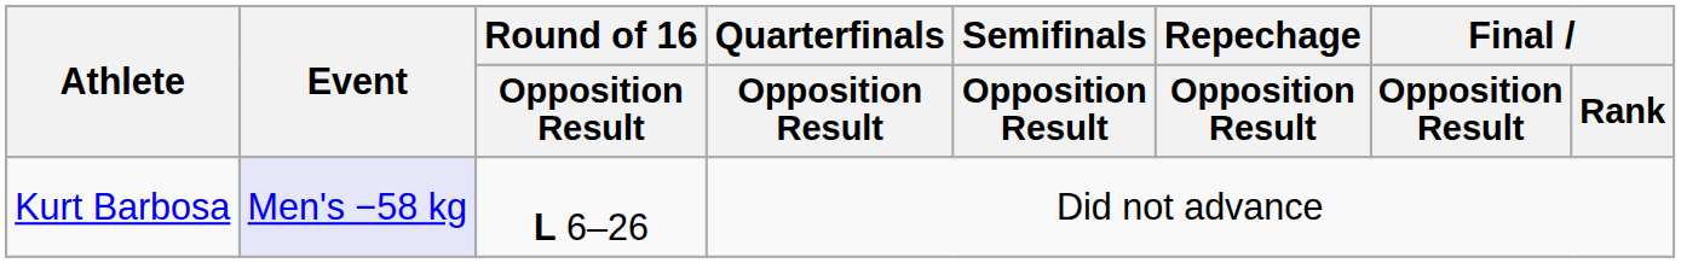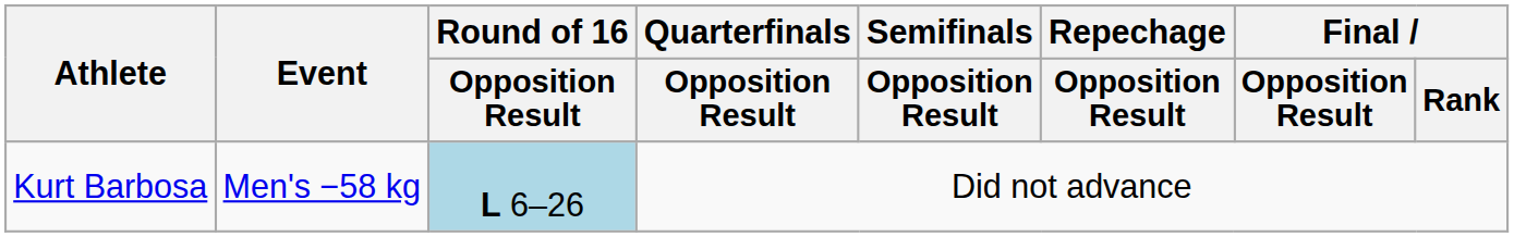 <table class="wikitable" style="font-size:90%;">
 <tr>
 <th rowspan=2>Athlete</th>
 <th rowspan=2>Event</th>
 <th>Round of 16</th>
 <th>Quarterfinals</th>
 <th>Semifinals</th>
 <th>Repechage</th>
 <th colspan=2>Final / </th>
 </tr>
 <tr style="font-size:95%">
 <th>Opposition<br>Result</th>
 <th>Opposition<br>Result</th>
 <th>Opposition<br>Result</th>
 <th>Opposition<br>Result</th>
 <th>Opposition<br>Result</th>
 <th>Rank</th>
 </tr>
 <tr align=center>
 <td align=left><a href='#'>Kurt Barbosa</a></td>
-<td align=left style="background: lavender;"><a href='#'>Men's −58 kg</a></td>
-<td><br><strong>L</strong> 6–26</td>
+<td align=left><a href='#'>Men's −58 kg</a></td>
+<td style="background: lightblue;"><br><strong>L</strong> 6–26</td>
 <td colspan=5>Did not advance</td>
 </tr>
 </table>
